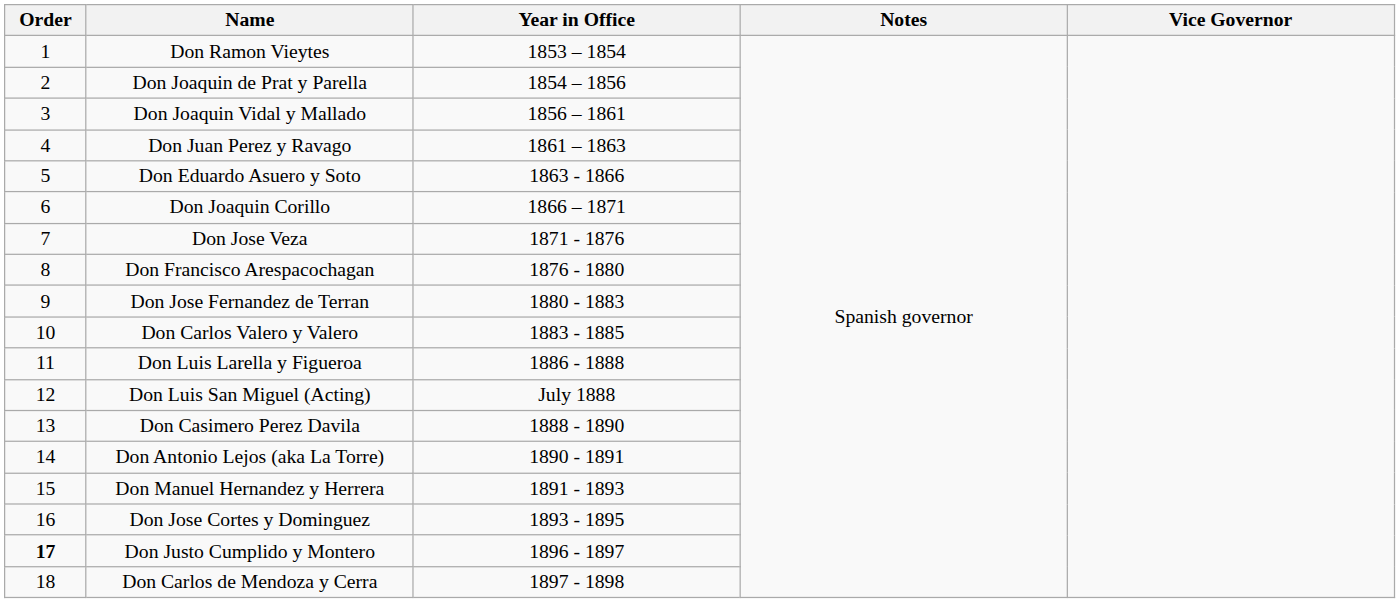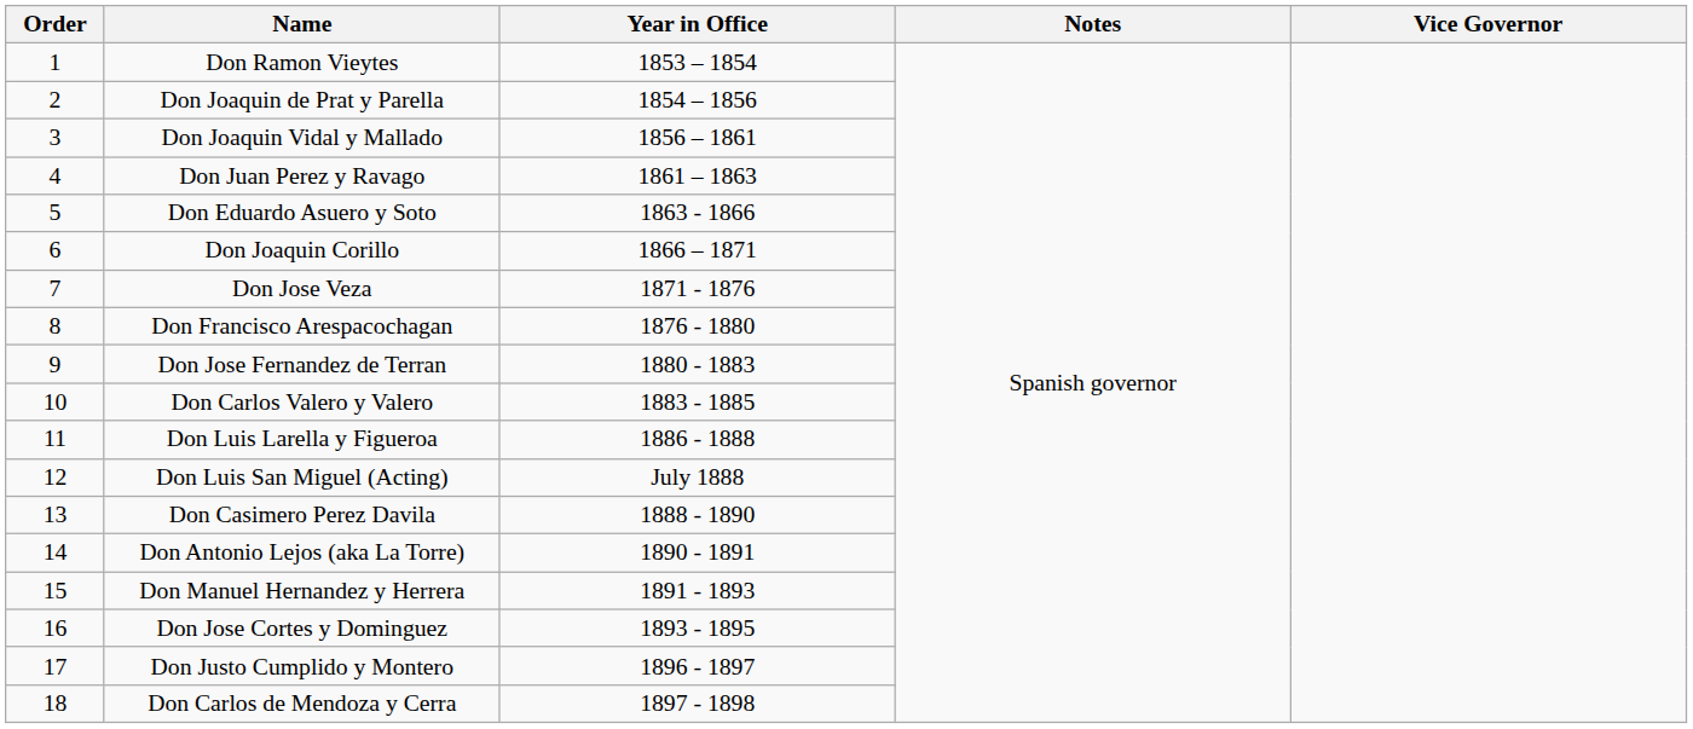 <table class="wikitable" style="text-align:center;">
 <tr>
 <th width=5%>Order</th>
 <th width=20%>Name</th>
 <th width=20%>Year in Office</th>
 <th width=20%>Notes</th>
 <th width=20%>Vice Governor</th>
 </tr>
 <tr>
 <td>1</td>
 <td>Don Ramon Vieytes</td>
 <td>1853 – 1854</td>
 <td rowspan=18>Spanish governor</td>
 <td rowspan=36></td>
 </tr>
 <tr>
 <td>2</td>
 <td>Don Joaquin de Prat y Parella</td>
 <td>1854 – 1856</td>
 </tr>
 <tr>
 <td>3</td>
 <td>Don Joaquin Vidal y Mallado</td>
 <td>1856 – 1861</td>
 </tr>
 <tr>
 <td>4</td>
 <td>Don Juan Perez y Ravago</td>
 <td>1861 – 1863</td>
 </tr>
 <tr>
 <td>5</td>
 <td>Don Eduardo Asuero y Soto</td>
 <td>1863 - 1866</td>
 </tr>
 <tr>
 <td>6</td>
 <td>Don Joaquin Corillo</td>
 <td>1866 – 1871</td>
 </tr>
 <tr>
 <td>7</td>
 <td>Don Jose Veza</td>
 <td>1871 - 1876</td>
 </tr>
 <tr>
 <td>8</td>
 <td>Don Francisco Arespacochagan</td>
 <td>1876 - 1880</td>
 </tr>
 <tr>
 <td>9</td>
 <td>Don Jose Fernandez de Terran</td>
 <td>1880 - 1883</td>
 </tr>
 <tr>
 <td>10</td>
 <td>Don Carlos Valero y Valero</td>
 <td>1883 - 1885</td>
 </tr>
 <tr>
 <td>11</td>
 <td>Don Luis Larella y Figueroa</td>
 <td>1886 - 1888</td>
 </tr>
 <tr>
 <td>12</td>
 <td>Don Luis San Miguel (Acting)</td>
 <td>July 1888</td>
 </tr>
 <tr>
 <td>13</td>
 <td>Don Casimero Perez Davila</td>
 <td>1888 - 1890</td>
 </tr>
 <tr>
 <td>14</td>
 <td>Don Antonio Lejos (aka La Torre)</td>
 <td>1890 - 1891</td>
 </tr>
 <tr>
 <td>15</td>
 <td>Don Manuel Hernandez y Herrera</td>
 <td>1891 - 1893</td>
 </tr>
 <tr>
 <td>16</td>
 <td>Don Jose Cortes y Dominguez</td>
 <td>1893 - 1895</td>
 </tr>
 <tr>
-<td><strong>17</strong></td>
+<td>17</td>
 <td>Don Justo Cumplido y Montero</td>
 <td>1896 - 1897</td>
 </tr>
 <tr>
 <td>18</td>
 <td>Don Carlos de Mendoza y Cerra</td>
 <td>1897 - 1898</td>
 </tr>
 </table>
